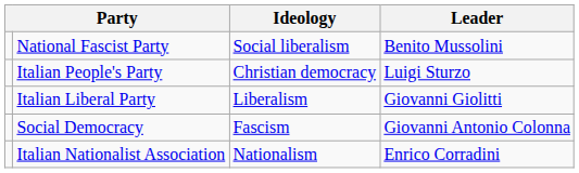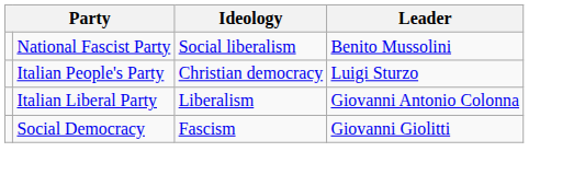 <table class=wikitable style="font-size:100%">
 <tr>
 <th colspan=2>Party</th>
 <th>Ideology</th>
 <th>Leader</th>
 </tr>
 <tr>
 <td style="color:inherit;background:"></td>
 <td><a href='#'>National Fascist Party</a></td>
 <td><a href='#'>Social liberalism</a></td>
 <td><a href='#'>Benito Mussolini</a></td>
 </tr>
 <tr>
 <td style="color:inherit;background:"></td>
 <td><a href='#'>Italian People's Party</a></td>
 <td><a href='#'>Christian democracy</a></td>
 <td><a href='#'>Luigi Sturzo</a></td>
 </tr>
 <tr>
 <td style="color:inherit;background:"></td>
 <td><a href='#'>Italian Liberal Party</a></td>
 <td><a href='#'>Liberalism</a></td>
-<td><a href='#'>Giovanni Giolitti</a></td>
+<td><a href='#'>Giovanni Antonio Colonna</a></td>
 </tr>
 <tr>
 <td style="color:inherit;background:"></td>
 <td><a href='#'>Social Democracy</a></td>
 <td><a href='#'>Fascism</a></td>
-<td><a href='#'>Giovanni Antonio Colonna</a></td>
-</tr>
-<tr>
-<td style="color:inherit;background:"></td>
-<td><a href='#'>Italian Nationalist Association</a></td>
-<td><a href='#'>Nationalism</a></td>
-<td><a href='#'>Enrico Corradini</a></td>
+<td><a href='#'>Giovanni Giolitti</a></td>
 </tr>
 </table>
